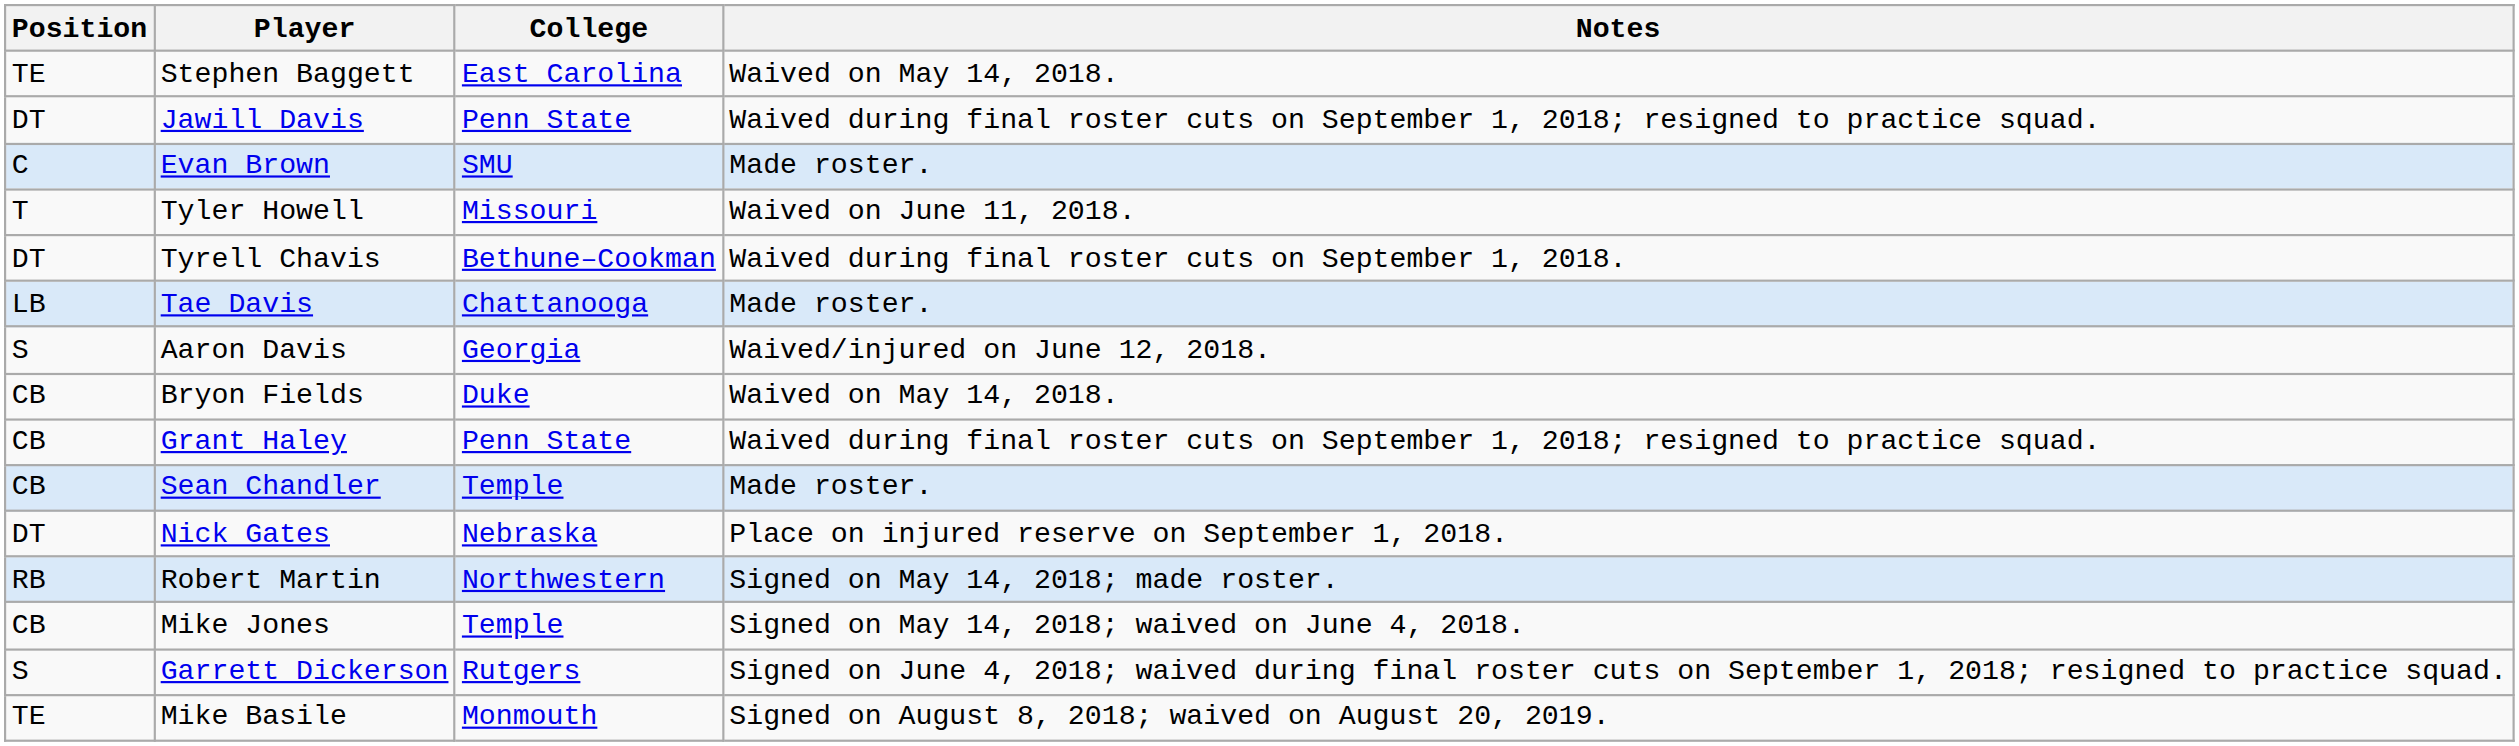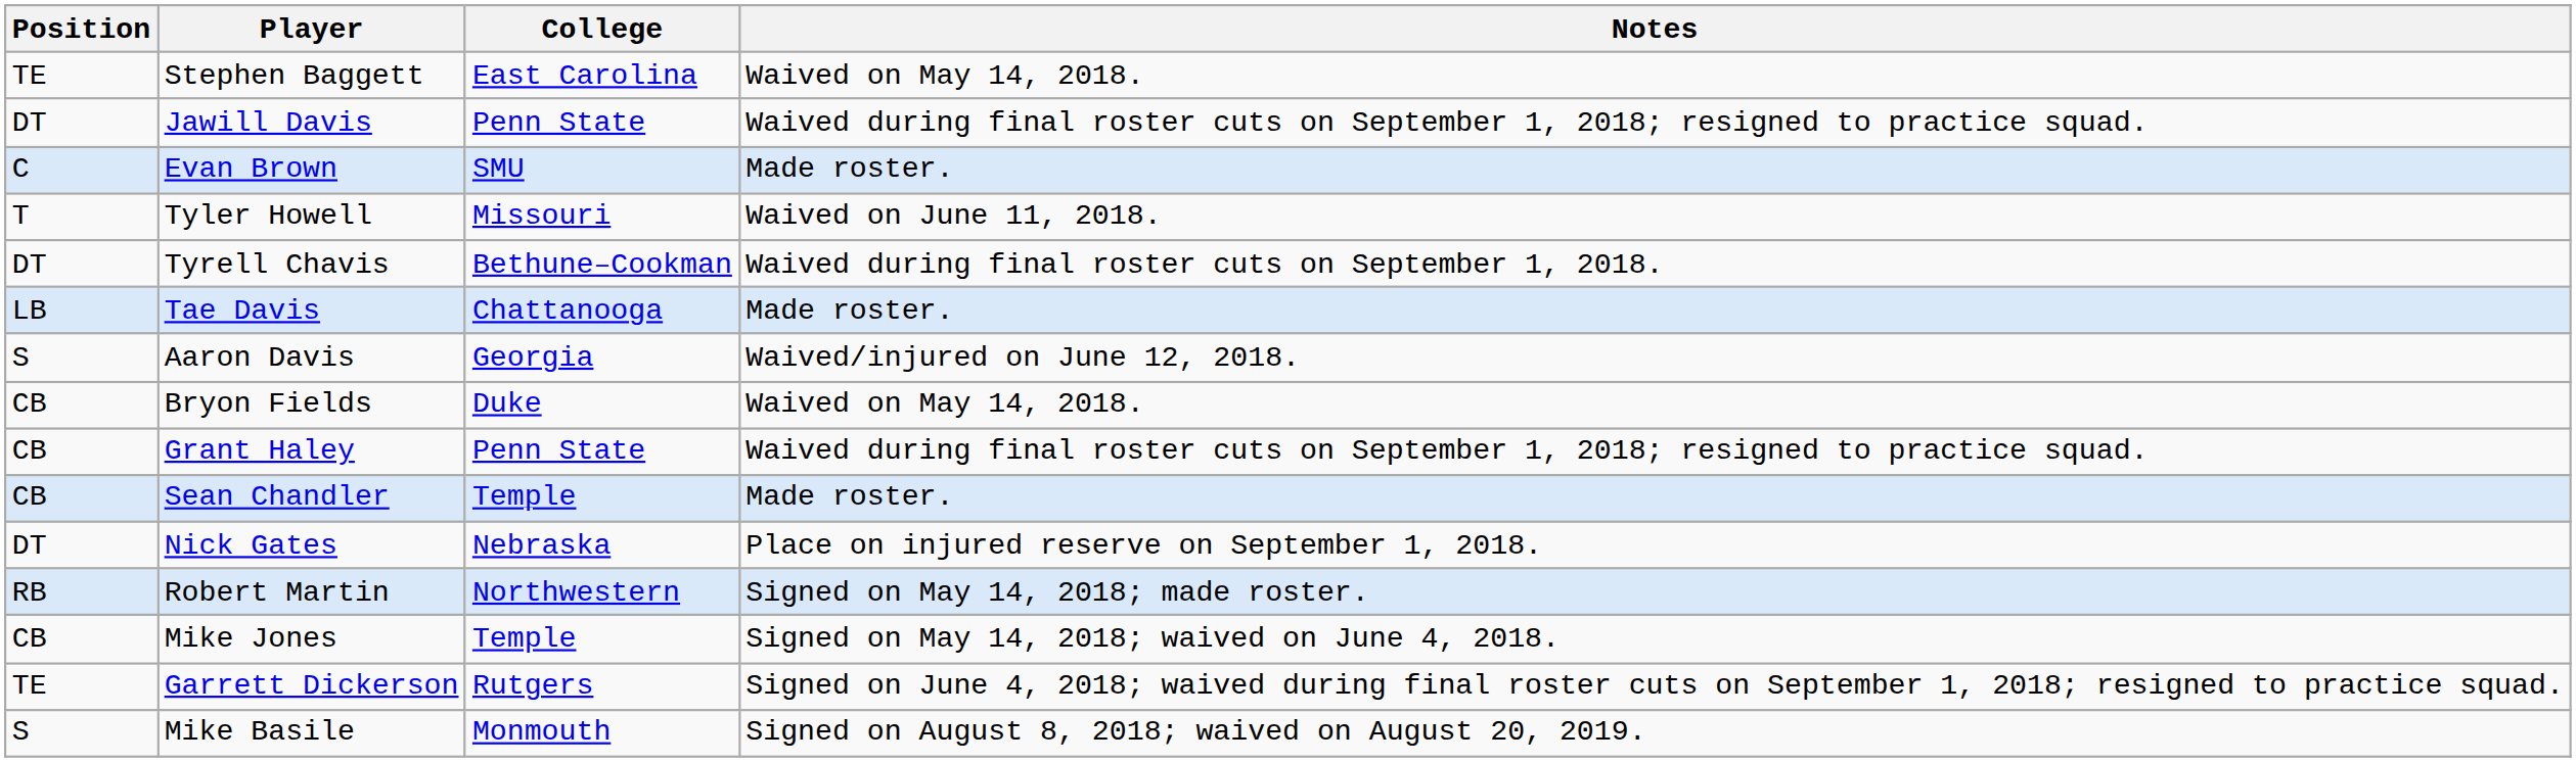 <table class="wikitable">
 <tr>
 <th>Position</th>
 <th>Player</th>
 <th>College</th>
 <th>Notes</th>
 </tr>
 <tr>
 <td>TE</td>
 <td>Stephen Baggett</td>
 <td><a href='#'>East Carolina</a></td>
 <td>Waived on May 14, 2018.</td>
 </tr>
 <tr>
 <td>DT</td>
 <td><a href='#'>Jawill Davis</a></td>
 <td><a href='#'>Penn State</a></td>
 <td>Waived during final roster cuts on September 1, 2018; resigned to practice squad.</td>
 </tr>
 <tr bgcolor="#d9e9f9">
 <td>C</td>
 <td><a href='#'>Evan Brown</a></td>
 <td><a href='#'>SMU</a></td>
 <td>Made roster.</td>
 </tr>
 <tr>
 <td>T</td>
 <td>Tyler Howell</td>
 <td><a href='#'>Missouri</a></td>
 <td>Waived on June 11, 2018.</td>
 </tr>
 <tr>
 <td>DT</td>
 <td>Tyrell Chavis</td>
 <td><a href='#'>Bethune–Cookman</a></td>
 <td>Waived during final roster cuts on September 1, 2018.</td>
 </tr>
 <tr bgcolor="#d9e9f9">
 <td>LB</td>
 <td><a href='#'>Tae Davis</a></td>
 <td><a href='#'>Chattanooga</a></td>
 <td>Made roster.</td>
 </tr>
 <tr>
 <td>S</td>
 <td>Aaron Davis</td>
 <td><a href='#'>Georgia</a></td>
 <td>Waived/injured on June 12, 2018.</td>
 </tr>
 <tr>
 <td>CB</td>
 <td>Bryon Fields</td>
 <td><a href='#'>Duke</a></td>
 <td>Waived on May 14, 2018.</td>
 </tr>
 <tr>
 <td>CB</td>
 <td><a href='#'>Grant Haley</a></td>
 <td><a href='#'>Penn State</a></td>
 <td>Waived during final roster cuts on September 1, 2018; resigned to practice squad.</td>
 </tr>
 <tr bgcolor="#d9e9f9">
 <td>CB</td>
 <td><a href='#'>Sean Chandler</a></td>
 <td><a href='#'>Temple</a></td>
 <td>Made roster.</td>
 </tr>
 <tr>
 <td>DT</td>
 <td><a href='#'>Nick Gates</a></td>
 <td><a href='#'>Nebraska</a></td>
 <td>Place on injured reserve on September 1, 2018.</td>
 </tr>
 <tr bgcolor="#d9e9f9">
 <td>RB</td>
 <td>Robert Martin</td>
 <td><a href='#'>Northwestern</a></td>
 <td>Signed on May 14, 2018; made roster.</td>
 </tr>
 <tr>
 <td>CB</td>
 <td>Mike Jones</td>
 <td><a href='#'>Temple</a></td>
 <td>Signed on May 14, 2018; waived on June 4, 2018.</td>
 </tr>
 <tr>
-<td>S</td>
+<td>TE</td>
 <td><a href='#'>Garrett Dickerson</a></td>
 <td><a href='#'>Rutgers</a></td>
 <td>Signed on June 4, 2018; waived during final roster cuts on September 1, 2018; resigned to practice squad.</td>
 </tr>
 <tr>
-<td>TE</td>
+<td>S</td>
 <td>Mike Basile</td>
 <td><a href='#'>Monmouth</a></td>
 <td>Signed on August 8, 2018; waived on August 20, 2019.</td>
 </tr>
 </table>
